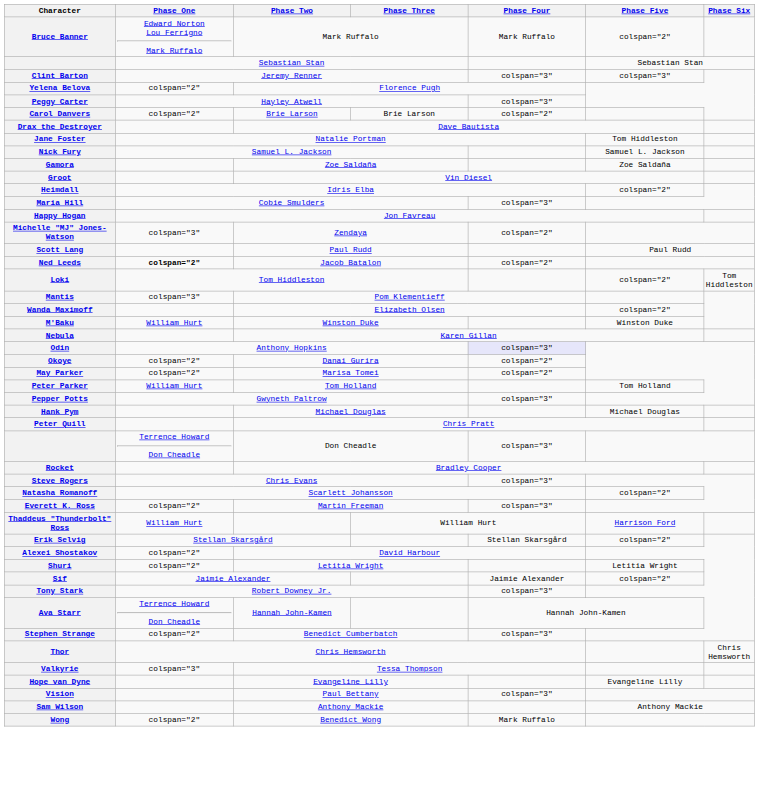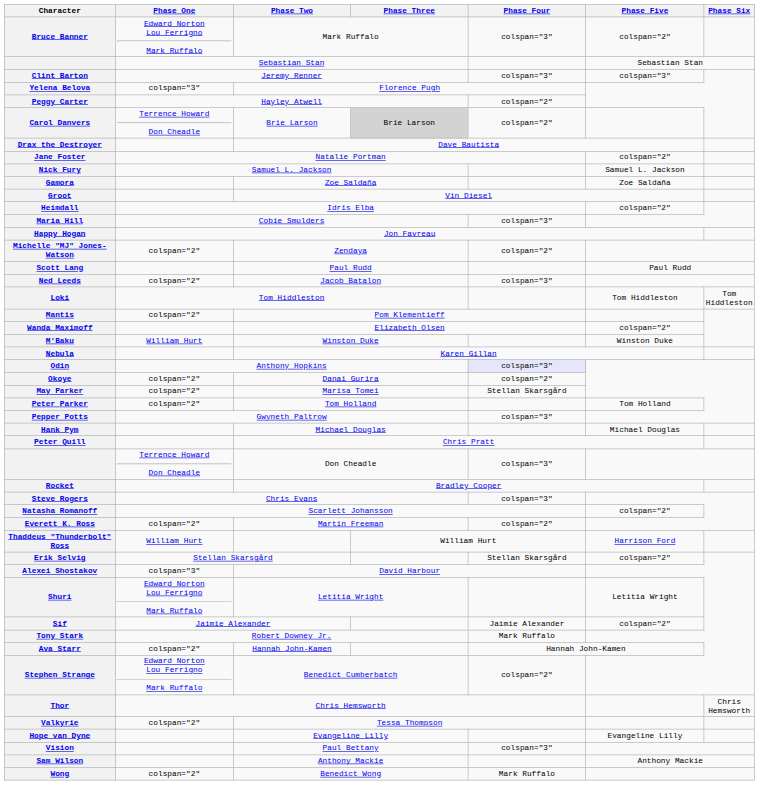 <table class="wikitable" style="text-align: center; width: 99%;">
 <tr>
 <th scope="col" style="width: 15%;">Character</th>
 <th scope="col" style="width: 16%;"><a href='#'>Phase One</a></th>
 <th scope="col" style="width: 16%;"><a href='#'>Phase Two</a></th>
 <th scope="col" style="width: 16%;"><a href='#'>Phase Three</a></th>
 <th scope="col" style="width: 16%;"><a href='#'>Phase Four</a></th>
 <th scope="col" style="width: 16%;"><a href='#'>Phase Five</a></th>
 <th scope="col" style="width: 16%;"><a href='#'>Phase Six</a></th>
 </tr>
 <tr>
 <th scope="row"><a href='#'>Bruce Banner<br></a></th>
 <td><a href='#'>Edward Norton</a><br><a href='#'>Lou Ferrigno</a><hr><a href='#'>Mark Ruffalo</a></td>
 <td colspan="2">Mark Ruffalo</td>
-<td>Mark Ruffalo</td>
+<td>colspan="3" </td>
 <td>colspan="2" </td>
 </tr>
 <tr>
 <th scope="row"><a href='#'><br></a></th>
 <td colspan="3"><a href='#'>Sebastian Stan</a></td>
 <td></td>
 <td colspan="2">Sebastian Stan</td>
 </tr>
 <tr>
 <th scope="row"><a href='#'>Clint Barton<br></a></th>
 <td colspan="3"><a href='#'>Jeremy Renner</a></td>
 <td>colspan="3" </td>
 <td>colspan="3" </td>
 </tr>
 <tr>
 <th scope="row"><a href='#'>Yelena Belova</a></th>
-<td>colspan="2" </td>
+<td>colspan="3" </td>
 <td colspan="3"><a href='#'>Florence Pugh</a></td>
 </tr>
 <tr>
 <th scope="row"><a href='#'>Peggy Carter</a></th>
 <td colspan="3"><a href='#'>Hayley Atwell</a></td>
-<td>colspan="3" </td>
+<td>colspan="2" </td>
 </tr>
 <tr>
 <th scope="row"><a href='#'>Carol Danvers<br></a></th>
-<td>colspan="2" </td>
+<td><a href='#'>Terrence Howard</a><hr><a href='#'>Don Cheadle</a></td>
 <td><a href='#'>Brie Larson</a></td>
-<td>Brie Larson</td>
+<td style="background: lightgrey;">Brie Larson</td>
 <td>colspan="2" </td>
 <td></td>
 </tr>
 <tr>
 <th scope="row"><a href='#'>Drax the Destroyer</a></th>
 <td></td>
 <td colspan="4"><a href='#'>Dave Bautista</a></td>
 <td></td>
 </tr>
 <tr>
 <th scope="row"><a href='#'>Jane Foster<br></a></th>
 <td colspan="4"><a href='#'>Natalie Portman</a></td>
-<td>Tom Hiddleston</td>
+<td>colspan="2" </td>
 </tr>
 <tr>
 <th scope="row"><a href='#'>Nick Fury</a></th>
 <td colspan="3"><a href='#'>Samuel L. Jackson</a></td>
 <td></td>
 <td>Samuel L. Jackson</td>
 <td></td>
 </tr>
 <tr>
 <th scope="row"><a href='#'>Gamora</a></th>
 <td></td>
 <td colspan="2"><a href='#'>Zoe Saldaña</a></td>
 <td></td>
 <td>Zoe Saldaña</td>
 <td></td>
 </tr>
 <tr>
 <th scope="row"><a href='#'>Groot</a></th>
 <td></td>
 <td colspan="4"><a href='#'>Vin Diesel</a></td>
 <td></td>
 </tr>
 <tr>
 <th scope="row"><a href='#'>Heimdall</a></th>
 <td colspan="4"><a href='#'>Idris Elba</a></td>
 <td>colspan="2" </td>
 </tr>
 <tr>
 <th scope="row"><a href='#'>Maria Hill</a></th>
 <td colspan="3"><a href='#'>Cobie Smulders</a></td>
 <td>colspan="3" </td>
 </tr>
 <tr>
 <th scope="row"><a href='#'>Happy Hogan</a></th>
 <td colspan="5"><a href='#'>Jon Favreau</a></td>
 <td></td>
 </tr>
 <tr>
 <th scope="row"><a href='#'>Michelle "MJ" Jones-Watson</a></th>
-<td>colspan="3" </td>
+<td>colspan="2" </td>
 <td colspan="2"><a href='#'>Zendaya</a></td>
 <td>colspan="2" </td>
 </tr>
 <tr>
 <th scope="row"><a href='#'>Scott Lang<br></a></th>
 <td></td>
 <td colspan="2"><a href='#'>Paul Rudd</a></td>
 <td></td>
 <td colspan="2">Paul Rudd</td>
 </tr>
 <tr>
 <th scope="row"><a href='#'>Ned Leeds</a></th>
-<td><strong>colspan="2" </strong></td>
+<td>colspan="2" </td>
 <td colspan="2"><a href='#'>Jacob Batalon</a></td>
-<td>colspan="2" </td>
+<td>colspan="3" </td>
 </tr>
 <tr>
 <th scope="row"><a href='#'>Loki</a></th>
 <td colspan="3"><a href='#'>Tom Hiddleston</a></td>
 <td></td>
-<td>colspan="2" </td>
+<td>Tom Hiddleston</td>
 <td>Tom Hiddleston</td>
 </tr>
 <tr>
 <th scope="row"><a href='#'>Mantis</a></th>
-<td>colspan="3" </td>
+<td>colspan="2" </td>
 <td colspan="3"><a href='#'>Pom Klementieff</a></td>
 <td></td>
 </tr>
 <tr>
 <th scope="row"><a href='#'>Wanda Maximoff<br></a></th>
 <td></td>
 <td colspan="3"><a href='#'>Elizabeth Olsen</a></td>
 <td>colspan="2" </td>
 </tr>
 <tr>
 <th scope="row"><a href='#'>M'Baku</a></th>
 <td><a href='#'>William Hurt</a></td>
 <td colspan="2"><a href='#'>Winston Duke</a></td>
 <td></td>
 <td>Winston Duke</td>
 </tr>
 <tr>
 <th scope="row"><a href='#'>Nebula</a></th>
 <td></td>
 <td colspan="4"><a href='#'>Karen Gillan</a></td>
 <td></td>
 </tr>
 <tr>
 <th scope="row"><a href='#'>Odin</a></th>
 <td colspan="3"><a href='#'>Anthony Hopkins</a></td>
 <td style="background: lavender;">colspan="3" </td>
 </tr>
 <tr>
 <th scope="row"><a href='#'>Okoye</a></th>
 <td>colspan="2" </td>
 <td colspan="2"><a href='#'>Danai Gurira</a></td>
 <td>colspan="2" </td>
 </tr>
 <tr>
 <th scope="row"><a href='#'>May Parker</a></th>
 <td>colspan="2" </td>
 <td colspan="2"><a href='#'>Marisa Tomei</a></td>
-<td>colspan="2" </td>
+<td>Stellan Skarsgård</td>
 </tr>
 <tr>
 <th scope="row"><a href='#'>Peter Parker<br></a></th>
-<td><a href='#'>William Hurt</a></td>
+<td>colspan="2" </td>
 <td colspan="2"><a href='#'>Tom Holland</a></td>
 <td></td>
 <td>Tom Holland</td>
 </tr>
 <tr>
 <th scope="row"><a href='#'>Pepper Potts</a></th>
 <td colspan="3"><a href='#'>Gwyneth Paltrow</a></td>
 <td>colspan="3" </td>
 </tr>
 <tr>
 <th scope="row"><a href='#'>Hank Pym</a></th>
 <td></td>
 <td colspan="2"><a href='#'>Michael Douglas</a></td>
 <td></td>
 <td>Michael Douglas</td>
 <td></td>
 </tr>
 <tr>
 <th scope="row"><a href='#'>Peter Quill<br></a></th>
 <td></td>
 <td colspan="4"><a href='#'>Chris Pratt</a></td>
 <td></td>
 </tr>
 <tr>
 <th scope="row"><a href='#'><br></a></th>
 <td><a href='#'>Terrence Howard</a><hr><a href='#'>Don Cheadle</a></td>
 <td colspan="2">Don Cheadle</td>
 <td>colspan="3" </td>
 </tr>
 <tr>
 <th scope="row"><a href='#'>Rocket</a></th>
 <td></td>
 <td colspan="4"><a href='#'>Bradley Cooper</a></td>
 <td></td>
 </tr>
 <tr>
 <th scope="row"><a href='#'>Steve Rogers<br></a></th>
 <td colspan="3"><a href='#'>Chris Evans</a></td>
 <td>colspan="3" </td>
 </tr>
 <tr>
 <th scope="row"><a href='#'>Natasha Romanoff<br></a></th>
 <td colspan="4"><a href='#'>Scarlett Johansson</a></td>
 <td>colspan="2" </td>
 </tr>
 <tr>
 <th scope="row"><a href='#'>Everett K. Ross</a></th>
 <td>colspan="2" </td>
 <td colspan="2"><a href='#'>Martin Freeman</a></td>
-<td>colspan="3" </td>
+<td>colspan="2" </td>
 </tr>
 <tr>
 <th scope="row"><a href='#'>Thaddeus "Thunderbolt" Ross<br></a></th>
 <td><a href='#'>William Hurt</a></td>
 <td></td>
 <td colspan="2">William Hurt</td>
 <td><a href='#'>Harrison Ford</a></td>
 <td></td>
 </tr>
 <tr>
 <th scope="row"><a href='#'>Erik Selvig</a></th>
 <td colspan="2"><a href='#'>Stellan Skarsgård</a></td>
 <td></td>
 <td>Stellan Skarsgård</td>
 <td>colspan="2" </td>
 </tr>
 <tr>
 <th scope="row"><a href='#'>Alexei Shostakov<br></a></th>
-<td>colspan="2" </td>
+<td>colspan="3" </td>
 <td colspan="3"><a href='#'>David Harbour</a></td>
 </tr>
 <tr>
 <th scope="row"><a href='#'>Shuri<br></a></th>
-<td>colspan="2" </td>
+<td><a href='#'>Edward Norton</a><br><a href='#'>Lou Ferrigno</a><hr><a href='#'>Mark Ruffalo</a></td>
 <td colspan="2"><a href='#'>Letitia Wright</a></td>
 <td></td>
 <td>Letitia Wright</td>
 </tr>
 <tr>
 <th scope="row"><a href='#'>Sif</a></th>
 <td colspan="2"><a href='#'>Jaimie Alexander</a></td>
 <td></td>
 <td>Jaimie Alexander</td>
 <td>colspan="2" </td>
 </tr>
 <tr>
 <th scope="row"><a href='#'>Tony Stark<br></a></th>
 <td colspan="3"><a href='#'>Robert Downey Jr.</a></td>
-<td>colspan="3" </td>
+<td>Mark Ruffalo</td>
 </tr>
 <tr>
 <th scope="row"><a href='#'>Ava Starr<br></a></th>
-<td><a href='#'>Terrence Howard</a><hr><a href='#'>Don Cheadle</a></td>
+<td>colspan="2" </td>
 <td><a href='#'>Hannah John-Kamen</a></td>
 <td></td>
 <td colspan="2">Hannah John-Kamen</td>
 </tr>
 <tr>
 <th scope="row"><a href='#'>Stephen Strange</a></th>
+<td><a href='#'>Edward Norton</a><br><a href='#'>Lou Ferrigno</a><hr><a href='#'>Mark Ruffalo</a></td>
+<td colspan="2"><a href='#'>Benedict Cumberbatch</a></td>
 <td>colspan="2" </td>
-<td colspan="2"><a href='#'>Benedict Cumberbatch</a></td>
-<td>colspan="3" </td>
 </tr>
 <tr>
 <th scope="row"><a href='#'>Thor</a></th>
 <td colspan="4"><a href='#'>Chris Hemsworth</a></td>
 <td></td>
 <td>Chris Hemsworth</td>
 </tr>
 <tr>
 <th scope="row"><a href='#'>Valkyrie</a></th>
-<td>colspan="3" </td>
+<td>colspan="2" </td>
 <td colspan="3"><a href='#'>Tessa Thompson</a></td>
 <td></td>
 </tr>
 <tr>
 <th scope="row"><a href='#'>Hope van Dyne<br></a></th>
 <td></td>
 <td colspan="2"><a href='#'>Evangeline Lilly</a></td>
 <td></td>
 <td>Evangeline Lilly</td>
 <td></td>
 </tr>
 <tr>
 <th scope="row"><a href='#'>Vision</a></th>
 <td></td>
 <td colspan="2"><a href='#'>Paul Bettany</a></td>
 <td>colspan="3" </td>
 </tr>
 <tr>
 <th scope="row"><a href='#'>Sam Wilson<br></a></th>
 <td></td>
 <td colspan="2"><a href='#'>Anthony Mackie</a></td>
 <td></td>
 <td colspan="2">Anthony Mackie</td>
 </tr>
 <tr>
 <th scope="row"><a href='#'>Wong</a></th>
 <td>colspan="2" </td>
 <td colspan="2"><a href='#'>Benedict Wong</a></td>
 <td>Mark Ruffalo</td>
 </tr>
 </table>
